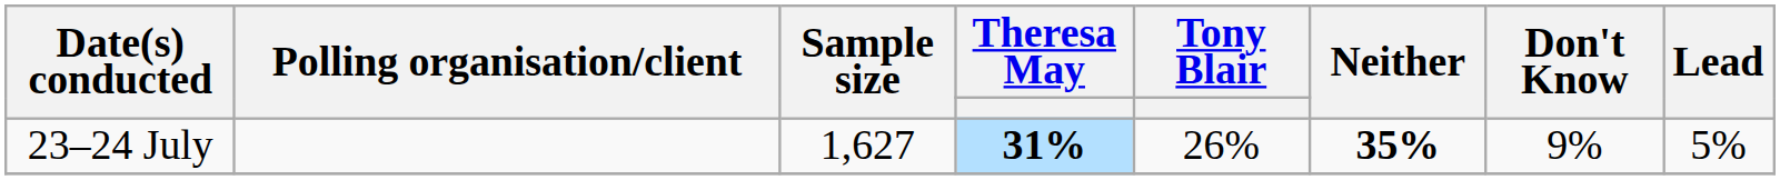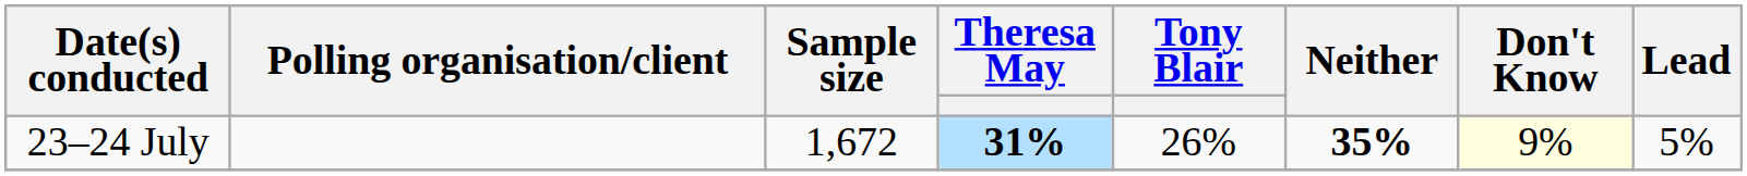 <table class="wikitable collapsible sortable" style="text-align:center;font-size:100%;line-height:14px">
 <tr valign= center>
 <th style="width:80px;" rowspan="2">Date(s)<br>conducted</th>
 <th style="width:200px;" rowspan="2">Polling organisation/client</th>
 <th style="width:60px;" rowspan="2">Sample size</th>
 <th style="width:60px;" class="unsortable"><a href='#'>Theresa May</a></th>
 <th style="width:60px;" class="unsortable"><a href='#'>Tony Blair</a></th>
 <th style="width:60px;" rowspan="2" class="unsortable">Neither</th>
 <th style="width:60px;" rowspan="2" class="unsortable">Don't <br> Know</th>
 <th class="unsortable" style="width:20px;" rowspan="2">Lead</th>
 </tr>
 <tr>
 <th class="unsortable" style="color:inherit;background:"></th>
 <th class="unsortable" style="color:inherit;background:"></th>
 </tr>
 <tr>
 <td rowspan=1>23–24 July</td>
 <td rowspan=1></td>
-<td rowspan=1>1,627</td>
+<td rowspan=1>1,672</td>
 <td style="background:#B3E0FF"><strong>31%</strong></td>
 <td>26%</td>
 <td><strong>35%</strong></td>
-<td>9%</td>
+<td style="background: lightyellow;">9%</td>
 <td style="background:">5%</td>
 </tr>
 <tr>
 </tr>
 </table>
